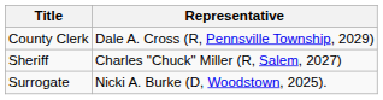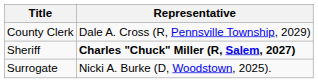 <table class="wikitable sortable">
 <tr>
 <th>Title</th>
 <th>Representative</th>
 </tr>
 <tr>
 <td>County Clerk</td>
 <td>Dale A. Cross (R, <a href='#'>Pennsville Township</a>, 2029)</td>
 </tr>
 <tr>
 <td>Sheriff</td>
-<td>Charles "Chuck" Miller (R, <a href='#'>Salem</a>, 2027)</td>
+<td><strong>Charles "Chuck" Miller (R, <a href='#'>Salem</a>, 2027)</strong></td>
 </tr>
 <tr>
 <td>Surrogate</td>
 <td>Nicki A. Burke (D, <a href='#'>Woodstown</a>, 2025).</td>
 </tr>
 </table>
